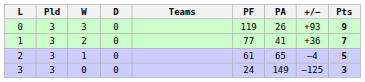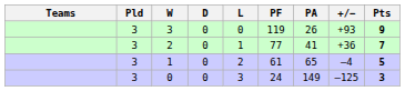 <table class="wikitable" style="text-align: center;">
 <tr>
-<th width="40">L</th>
+<th width="140">Teams</th>
 <th width="40">Pld</th>
 <th width="40">W</th>
 <th width="40">D</th>
-<th width="140">Teams</th>
+<th width="40">L</th>
 <th width="40">PF</th>
 <th width="40">PA</th>
 <th width="40">+/−</th>
 <th width="40">Pts</th>
 </tr>
 <tr bgcolor=ccffcc>
-<td>0</td>
+<td align=left></td>
 <td>3</td>
 <td>3</td>
 <td>0</td>
-<td align=left></td>
+<td>0</td>
 <td>119</td>
 <td>26</td>
 <td>+93</td>
 <td><strong>9</strong></td>
 </tr>
 <tr bgcolor=ccffcc>
-<td>1</td>
+<td align=left></td>
 <td>3</td>
 <td>2</td>
 <td>0</td>
-<td align=left></td>
+<td>1</td>
 <td>77</td>
 <td>41</td>
 <td>+36</td>
 <td><strong>7</strong></td>
 </tr>
 <tr bgcolor=ccccff>
-<td>2</td>
+<td align=left></td>
 <td>3</td>
 <td>1</td>
 <td>0</td>
-<td align=left></td>
+<td>2</td>
 <td>61</td>
 <td>65</td>
 <td>–4</td>
 <td><strong>5</strong></td>
 </tr>
 <tr bgcolor=ccccff>
-<td>3</td>
+<td align=left></td>
 <td>3</td>
 <td>0</td>
 <td>0</td>
-<td align=left></td>
+<td>3</td>
 <td>24</td>
 <td>149</td>
 <td>–125</td>
 <td><strong>3</strong></td>
 </tr>
 </table>
